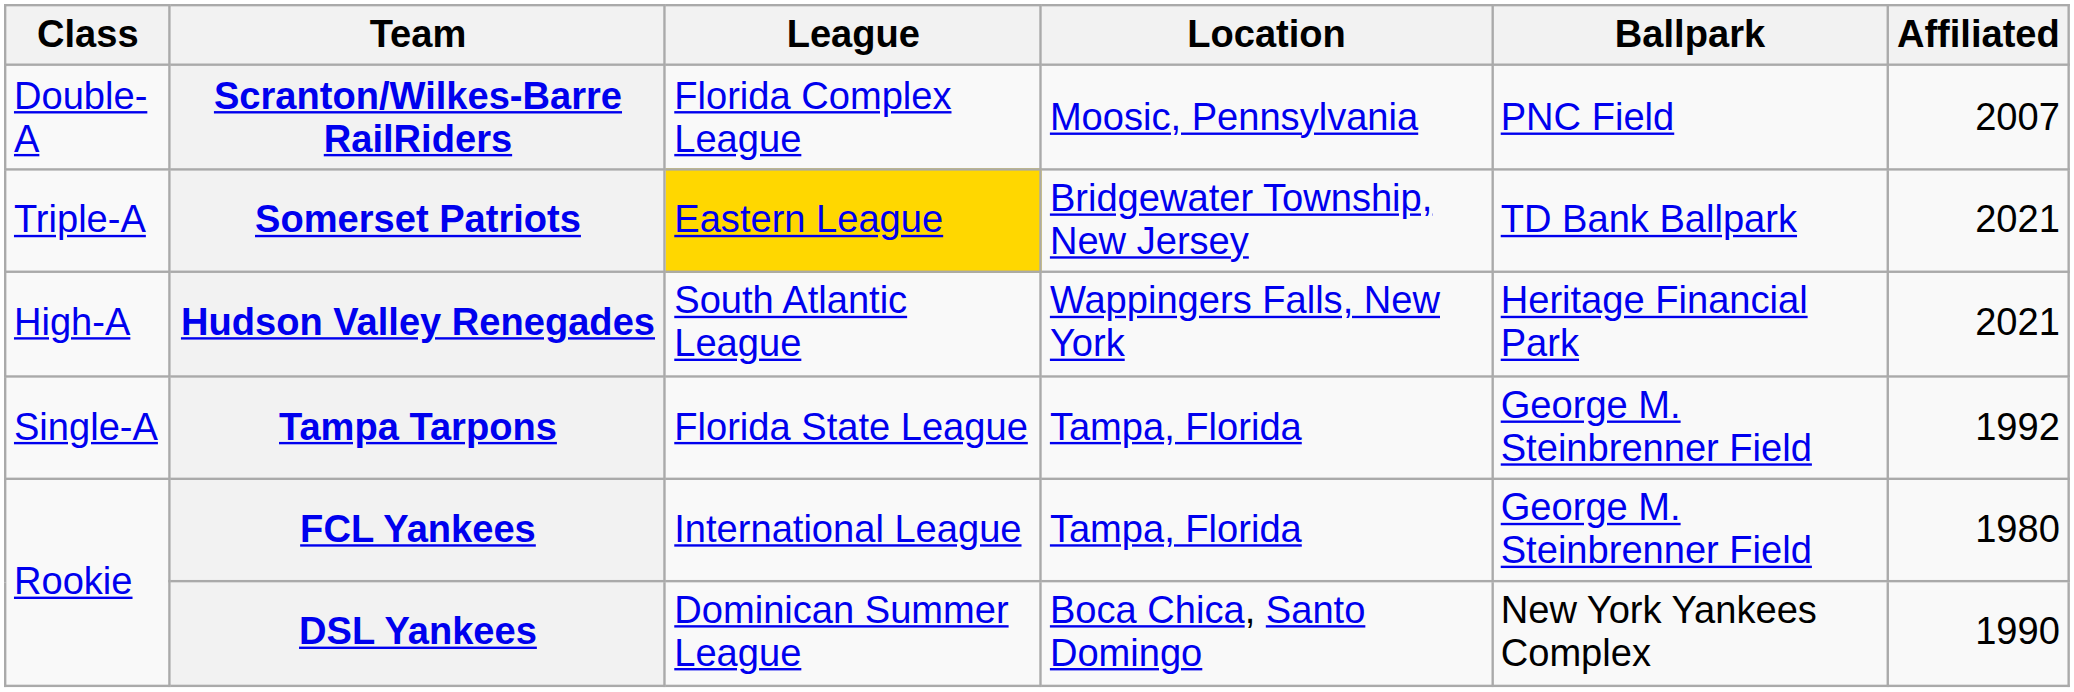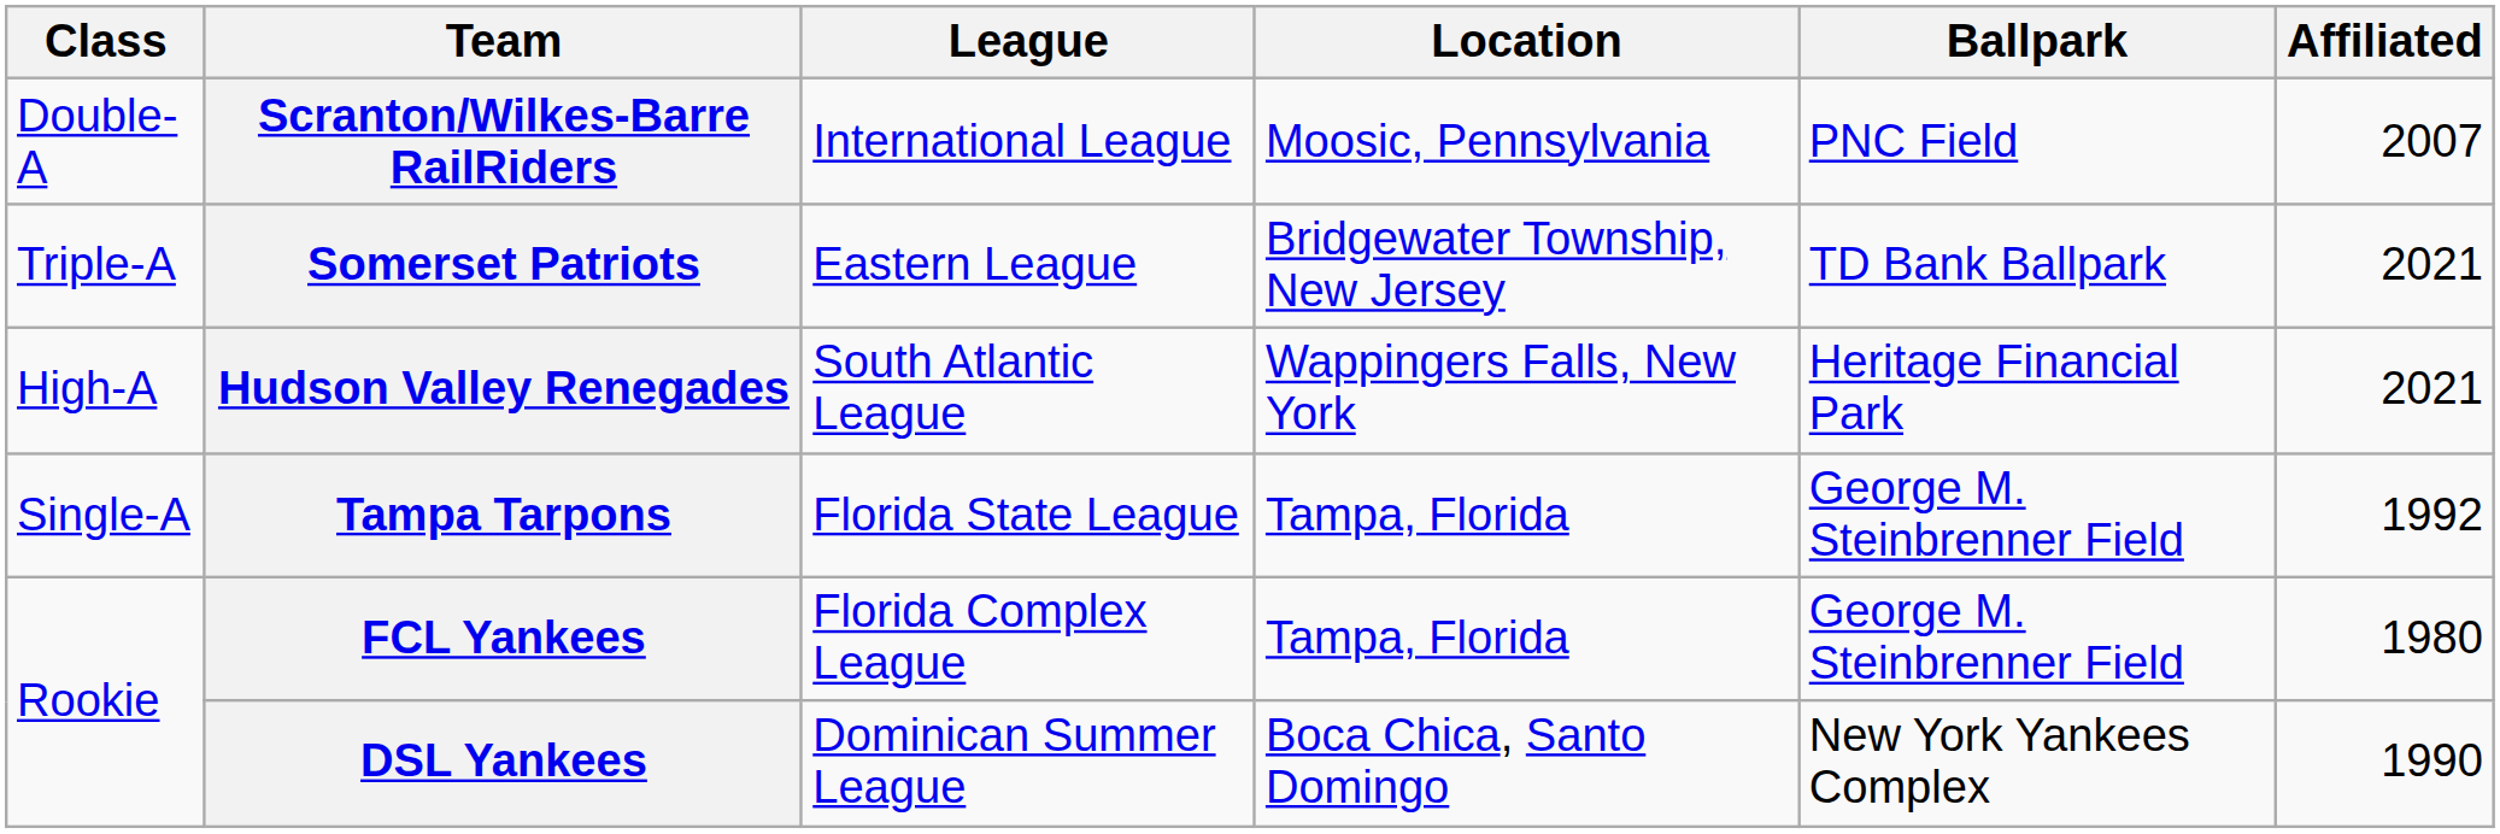 <table class="wikitable plainrowheaders sortable">
 <tr>
 <th scope="col">Class</th>
 <th scope="col">Team</th>
 <th scope="col">League</th>
 <th scope="col">Location</th>
 <th scope="col">Ballpark</th>
 <th scope="col">Affiliated</th>
 </tr>
 <tr>
 <td><a href='#'>Double-A</a></td>
 <th scope="row"><a href='#'>Scranton/Wilkes-Barre RailRiders</a></th>
-<td><a href='#'>Florida Complex League</a></td>
+<td><a href='#'>International League</a></td>
 <td><a href='#'>Moosic, Pennsylvania</a></td>
 <td><a href='#'>PNC Field</a></td>
 <td align="right">2007</td>
 </tr>
 <tr>
 <td><a href='#'>Triple-A</a></td>
 <th scope="row"><a href='#'>Somerset Patriots</a></th>
-<td style="background: gold;"><a href='#'>Eastern League</a></td>
+<td><a href='#'>Eastern League</a></td>
 <td><a href='#'>Bridgewater Township, New Jersey</a></td>
 <td><a href='#'>TD Bank Ballpark</a></td>
 <td align="right">2021</td>
 </tr>
 <tr>
 <td><a href='#'>High-A</a></td>
 <th scope="row"><a href='#'>Hudson Valley Renegades</a></th>
 <td><a href='#'>South Atlantic League</a></td>
 <td><a href='#'>Wappingers Falls, New York</a></td>
 <td><a href='#'>Heritage Financial Park</a></td>
 <td align="right">2021</td>
 </tr>
 <tr>
 <td><a href='#'>Single-A</a></td>
 <th scope="row"><a href='#'>Tampa Tarpons</a></th>
 <td><a href='#'>Florida State League</a></td>
 <td><a href='#'>Tampa, Florida</a></td>
 <td><a href='#'>George M. Steinbrenner Field</a></td>
 <td align="right">1992</td>
 </tr>
 <tr>
 <td rowspan=2><a href='#'>Rookie</a></td>
 <th scope="row"><a href='#'>FCL Yankees</a></th>
-<td><a href='#'>International League</a></td>
+<td><a href='#'>Florida Complex League</a></td>
 <td><a href='#'>Tampa, Florida</a></td>
 <td><a href='#'>George M. Steinbrenner Field</a></td>
 <td align="right">1980</td>
 </tr>
 <tr>
 <th scope="row"><a href='#'>DSL Yankees</a></th>
 <td><a href='#'>Dominican Summer League</a></td>
 <td><a href='#'>Boca Chica</a>, <a href='#'>Santo Domingo</a></td>
 <td>New York Yankees Complex</td>
 <td align="right">1990</td>
 </tr>
 </table>
